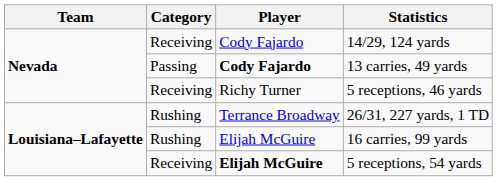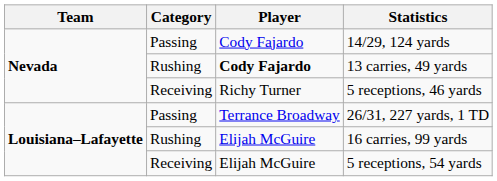 <table class="wikitable" style="float: left;">
 <tr>
 <th>Team</th>
 <th>Category</th>
 <th>Player</th>
 <th>Statistics</th>
 </tr>
 <tr>
 <td rowspan=3><strong>Nevada</strong></td>
-<td>Receiving</td>
+<td>Passing</td>
 <td><a href='#'>Cody Fajardo</a></td>
 <td>14/29, 124 yards</td>
 </tr>
 <tr>
-<td>Passing</td>
+<td>Rushing</td>
 <td><strong>Cody Fajardo</strong></td>
 <td>13 carries, 49 yards</td>
 </tr>
 <tr>
 <td>Receiving</td>
 <td>Richy Turner</td>
 <td>5 receptions, 46 yards</td>
 </tr>
 <tr>
 <td rowspan=3><strong>Louisiana–Lafayette</strong></td>
-<td>Rushing</td>
+<td>Passing</td>
 <td><a href='#'>Terrance Broadway</a></td>
 <td>26/31, 227 yards, 1 TD</td>
 </tr>
 <tr>
 <td>Rushing</td>
 <td><a href='#'>Elijah McGuire</a></td>
 <td>16 carries, 99 yards</td>
 </tr>
 <tr>
 <td>Receiving</td>
-<td><strong>Elijah McGuire</strong></td>
+<td>Elijah McGuire</td>
 <td>5 receptions, 54 yards</td>
 </tr>
 </table>
